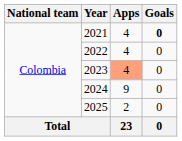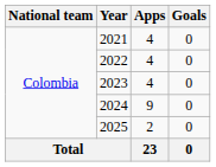 <table class="wikitable" style="text-align: center;">
 <tr>
 <th>National team</th>
 <th>Year</th>
 <th>Apps</th>
 <th>Goals</th>
 </tr>
 <tr>
 <td rowspan="5"><a href='#'>Colombia</a></td>
 <td>2021</td>
 <td>4</td>
-<td><strong>0</strong></td>
+<td>0</td>
 </tr>
 <tr>
 <td>2022</td>
 <td>4</td>
 <td>0</td>
 </tr>
 <tr>
 <td>2023</td>
-<td style="background: lightsalmon;">4</td>
+<td>4</td>
 <td>0</td>
 </tr>
 <tr>
 <td>2024</td>
 <td>9</td>
 <td>0</td>
 </tr>
 <tr>
 <td>2025</td>
 <td>2</td>
 <td>0</td>
 </tr>
 <tr>
 <th colspan="2">Total</th>
 <th>23</th>
 <th>0</th>
 </tr>
 </table>
